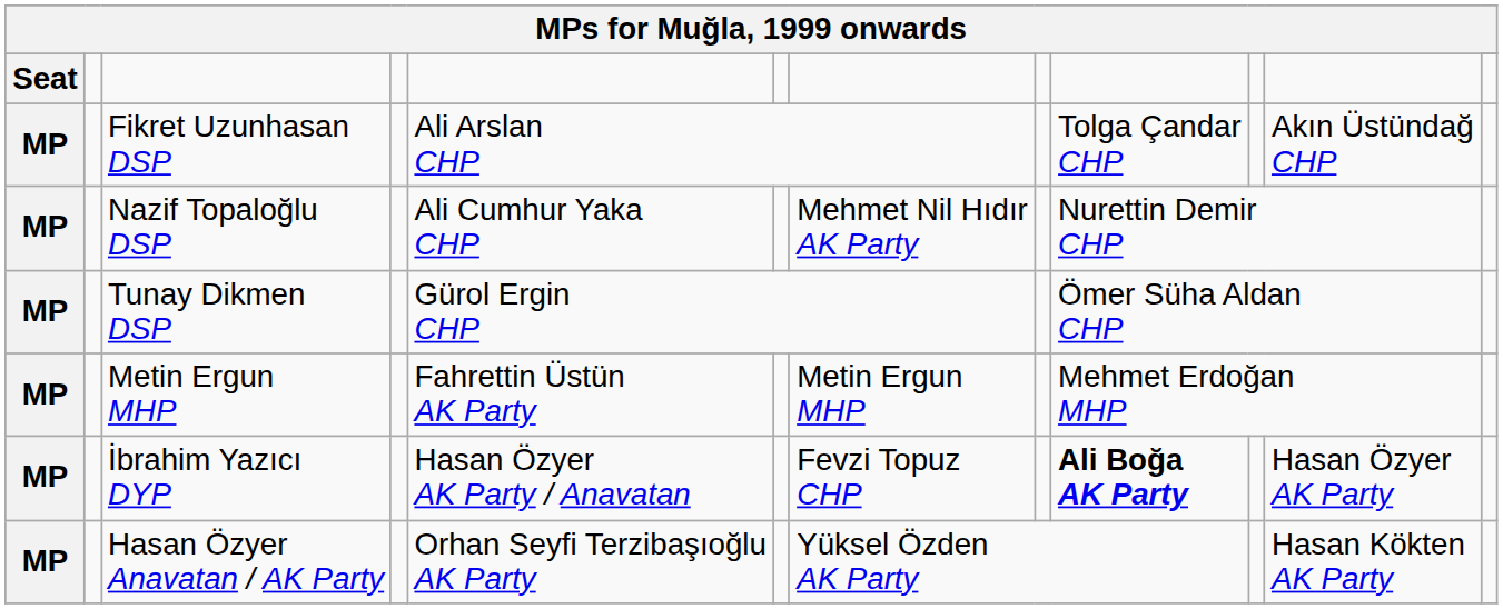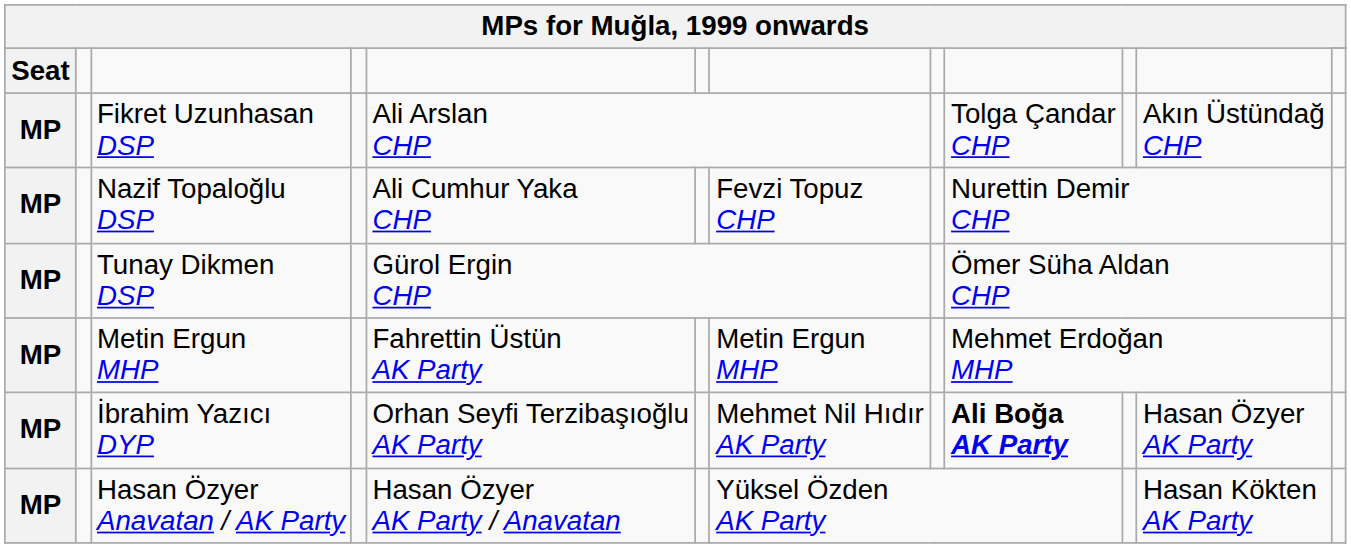 <table class="wikitable">
 <tr>
 <th colspan = 12>MPs for Muğla, 1999 onwards</th>
 </tr>
 <tr>
 <th rowspan = 2>Seat</th>
 <td rowspan="2" style="width:1px;"></td>
 <td rowspan = 2></td>
 <td rowspan="2" style="width:1px;"></td>
 <td rowspan = 2></td>
 <td rowspan="2" style="width:1px;"></td>
 <td rowspan = 2></td>
 <td rowspan="2" style="width:1px;"></td>
 <td rowspan = 2></td>
 <td rowspan="2" style="width:1px;"></td>
 <td rowspan = 2></td>
 </tr>
 <tr>
 <td></td>
 </tr>
 <tr>
 <th>MP</th>
 <td width=1px style="background-color: "></td>
 <td colspan = 1>Fikret Uzunhasan<br><em><a href='#'>DSP</a></em></td>
 <td width=1px style="background-color: "></td>
 <td colspan = 3>Ali Arslan<br><em><a href='#'>CHP</a></em></td>
 <td width=1px style="background-color: "></td>
 <td colspan = 1>Tolga Çandar<br><em><a href='#'>CHP</a></em></td>
 <td width=1px style="background-color: "></td>
 <td colspan = 1>Akın Üstündağ<br><em><a href='#'>CHP</a></em></td>
 <td width=1px style="background-color: "></td>
 </tr>
 <tr>
 <th>MP</th>
 <td width=1px style="background-color: "></td>
 <td colspan = 1>Nazif Topaloğlu<br><em><a href='#'>DSP</a></em></td>
 <td width=1px style="background-color: "></td>
 <td colspan = 1>Ali Cumhur Yaka<br><em><a href='#'>CHP</a></em></td>
 <td width=1px style="background-color: "></td>
-<td colspan = 1>Mehmet Nil Hıdır<br><em><a href='#'>AK Party</a></em></td>
+<td colspan = 1>Fevzi Topuz<br><em><a href='#'>CHP</a></em></td>
 <td width=1px style="background-color: "></td>
 <td colspan = 3>Nurettin Demir<br><em><a href='#'>CHP</a></em></td>
 <td width=1px style="background-color: "></td>
 </tr>
 <tr>
 <th>MP</th>
 <td width=1px style="background-color: "></td>
 <td colspan = 1>Tunay Dikmen<br><em><a href='#'>DSP</a></em></td>
 <td width=1px style="background-color: "></td>
 <td colspan = 3>Gürol Ergin<br><em><a href='#'>CHP</a></em></td>
 <td width=1px style="background-color: "></td>
 <td colspan = 3>Ömer Süha Aldan<br><em><a href='#'>CHP</a></em></td>
 <td width=1px style="background-color: "></td>
 </tr>
 <tr>
 <th>MP</th>
 <td width=1px style="background-color: "></td>
 <td colspan = 1>Metin Ergun<br><em><a href='#'>MHP</a></em></td>
 <td width=1px style="background-color: "></td>
 <td colspan = 1>Fahrettin Üstün<br><em><a href='#'>AK Party</a></em></td>
 <td width=1px style="background-color: "></td>
 <td colspan = 1>Metin Ergun<br><em><a href='#'>MHP</a></em></td>
 <td width=1px style="background-color: "></td>
 <td colspan = 3>Mehmet Erdoğan<br><em><a href='#'>MHP</a></em></td>
 <td width=1px style="background-color: "></td>
 </tr>
 <tr>
 <th>MP</th>
 <td width=1px style="background-color: "></td>
 <td colspan = 1>İbrahim Yazıcı<br><em><a href='#'>DYP</a></em></td>
 <td width=1px style="background-color: "></td>
-<td colspan = 1>Hasan Özyer<br><em><a href='#'>AK Party</a> / <a href='#'>Anavatan</a></em></td>
+<td colspan = 1>Orhan Seyfi Terzibaşıoğlu<br><em><a href='#'>AK Party</a></em></td>
 <td width=1px style="background-color: "></td>
-<td colspan = 1>Fevzi Topuz<br><em><a href='#'>CHP</a></em></td>
+<td colspan = 1>Mehmet Nil Hıdır<br><em><a href='#'>AK Party</a></em></td>
 <td width=1px style="background-color: "></td>
 <td colspan = 1><strong>Ali Boğa<br><em><a href='#'>AK Party</a></em></strong></td>
 <td width=1px style="background-color: "></td>
 <td colspan = 1>Hasan Özyer<br><em><a href='#'>AK Party</a></em></td>
 <td width=1px style="background-color: "></td>
 </tr>
 <tr>
 <th>MP</th>
 <td width=1px style="background-color: "></td>
 <td colspan = 1>Hasan Özyer<br><em><a href='#'>Anavatan</a> / <a href='#'>AK Party</a></em></td>
 <td width=1px style="background-color: "></td>
-<td colspan = 1>Orhan Seyfi Terzibaşıoğlu<br><em><a href='#'>AK Party</a></em></td>
+<td colspan = 1>Hasan Özyer<br><em><a href='#'>AK Party</a> / <a href='#'>Anavatan</a></em></td>
 <td width=1px style="background-color: "></td>
 <td colspan = 3>Yüksel Özden<br><em><a href='#'>AK Party</a></em></td>
 <td width=1px style="background-color: "></td>
 <td colspan = 1>Hasan Kökten<br><em><a href='#'>AK Party</a></em></td>
 <td width=1px style="background-color: "></td>
 </tr>
 </table>
